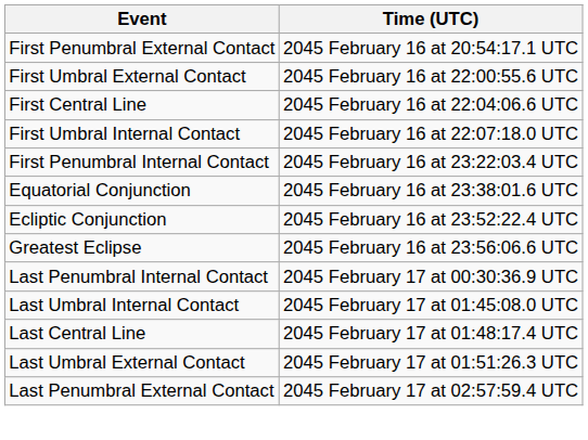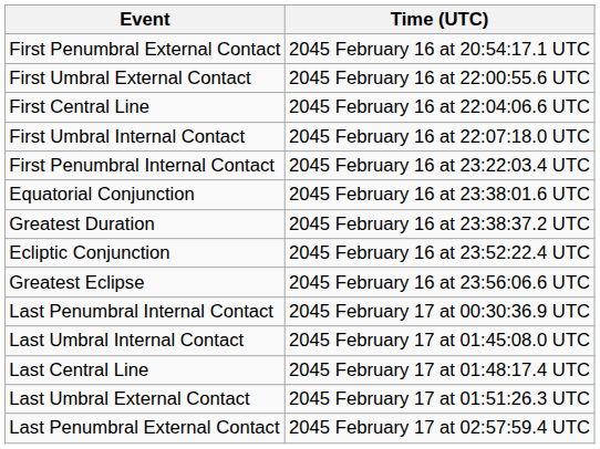 <table class="wikitable">
 <tr>
 <th>Event</th>
 <th>Time (UTC)</th>
 </tr>
 <tr>
 <td>First Penumbral External Contact</td>
 <td>2045 February 16 at 20:54:17.1 UTC</td>
 </tr>
 <tr>
 <td>First Umbral External Contact</td>
 <td>2045 February 16 at 22:00:55.6 UTC</td>
 </tr>
 <tr>
 <td>First Central Line</td>
 <td>2045 February 16 at 22:04:06.6 UTC</td>
 </tr>
 <tr>
 <td>First Umbral Internal Contact</td>
 <td>2045 February 16 at 22:07:18.0 UTC</td>
 </tr>
 <tr>
 <td>First Penumbral Internal Contact</td>
 <td>2045 February 16 at 23:22:03.4 UTC</td>
 </tr>
 <tr>
 <td>Equatorial Conjunction</td>
 <td>2045 February 16 at 23:38:01.6 UTC</td>
 </tr>
 <tr>
+<td>Greatest Duration</td>
+<td>2045 February 16 at 23:38:37.2 UTC</td>
+</tr>
+<tr>
 <td>Ecliptic Conjunction</td>
 <td>2045 February 16 at 23:52:22.4 UTC</td>
 </tr>
 <tr>
 <td>Greatest Eclipse</td>
 <td>2045 February 16 at 23:56:06.6 UTC</td>
 </tr>
 <tr>
 <td>Last Penumbral Internal Contact</td>
 <td>2045 February 17 at 00:30:36.9 UTC</td>
 </tr>
 <tr>
 <td>Last Umbral Internal Contact</td>
 <td>2045 February 17 at 01:45:08.0 UTC</td>
 </tr>
 <tr>
 <td>Last Central Line</td>
 <td>2045 February 17 at 01:48:17.4 UTC</td>
 </tr>
 <tr>
 <td>Last Umbral External Contact</td>
 <td>2045 February 17 at 01:51:26.3 UTC</td>
 </tr>
 <tr>
 <td>Last Penumbral External Contact</td>
 <td>2045 February 17 at 02:57:59.4 UTC</td>
 </tr>
 </table>
